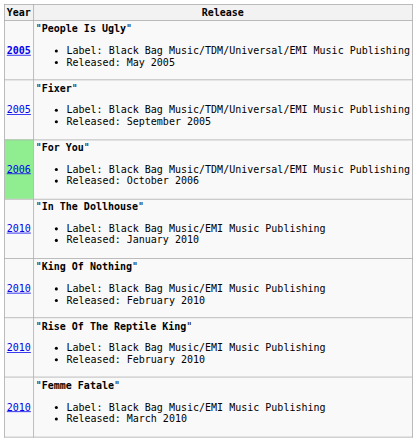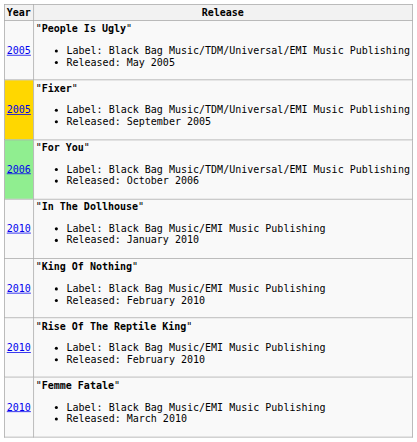 <table class="wikitable">
 <tr>
 <th align="center" rowspan="1">Year</th>
 <th align="center" rowspan="1">Release</th>
 </tr>
 <tr>
-<td><strong><a href='#'>2005</a></strong></td>
+<td><a href='#'>2005</a></td>
 <td>"<strong>People Is Ugly</strong>"<br><ul><li>Label: Black Bag Music/TDM/Universal/EMI Music Publishing</li><li>Released: May 2005</li></ul></td>
 </tr>
 <tr>
-<td><a href='#'>2005</a></td>
+<td style="background: gold;"><a href='#'>2005</a></td>
 <td>"<strong>Fixer</strong>"<br><ul><li>Label: Black Bag Music/TDM/Universal/EMI Music Publishing</li><li>Released: September 2005</li></ul></td>
 </tr>
 <tr>
 <td style="background: lightgreen;"><a href='#'>2006</a></td>
 <td>"<strong>For You</strong>"<br><ul><li>Label: Black Bag Music/TDM/Universal/EMI Music Publishing</li><li>Released: October 2006</li></ul></td>
 </tr>
 <tr>
 <td><a href='#'>2010</a></td>
 <td>"<strong>In The Dollhouse</strong>"<br><ul><li>Label: Black Bag Music/EMI Music Publishing</li><li>Released: January 2010</li></ul></td>
 </tr>
 <tr>
 <td><a href='#'>2010</a></td>
 <td>"<strong>King Of Nothing</strong>"<br><ul><li>Label: Black Bag Music/EMI Music Publishing</li><li>Released: February 2010</li></ul></td>
 </tr>
 <tr>
 <td><a href='#'>2010</a></td>
 <td>"<strong>Rise Of The Reptile King</strong>"<br><ul><li>Label: Black Bag Music/EMI Music Publishing</li><li>Released: February 2010</li></ul></td>
 </tr>
 <tr>
 <td><a href='#'>2010</a></td>
 <td>"<strong>Femme Fatale</strong>"<br><ul><li>Label: Black Bag Music/EMI Music Publishing</li><li>Released: March 2010</li></ul></td>
 </tr>
 </table>
